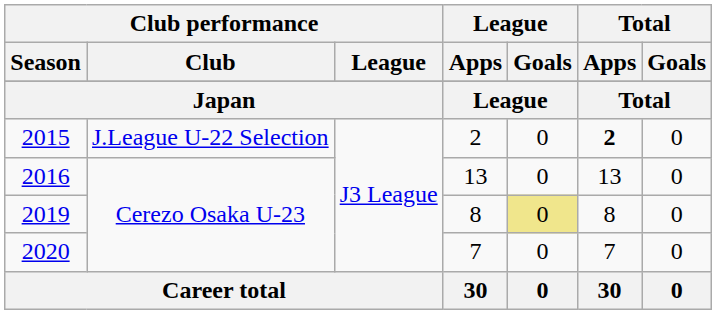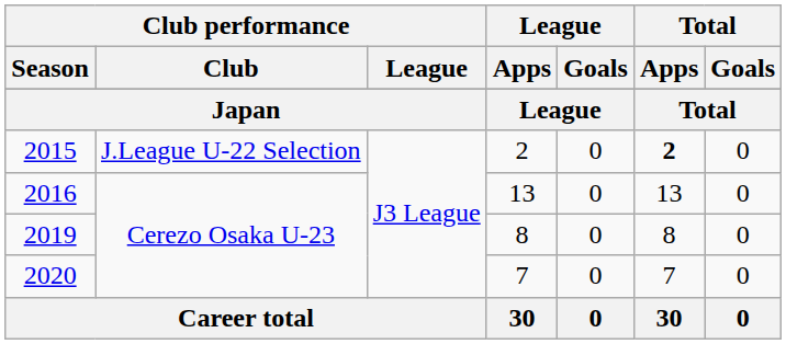 <table class="wikitable" style="text-align:center">
 <tr>
 <th colspan=3>Club performance</th>
 <th colspan=2>League</th>
 <th colspan=2>Total</th>
 </tr>
 <tr>
 <th>Season</th>
 <th>Club</th>
 <th>League</th>
 <th>Apps</th>
 <th>Goals</th>
 <th>Apps</th>
 <th>Goals</th>
 </tr>
 <tr>
 </tr>
 <tr>
 <th colspan=3>Japan</th>
 <th colspan=2>League</th>
 <th colspan=2>Total</th>
 </tr>
 <tr>
 <td><a href='#'>2015</a></td>
 <td><a href='#'>J.League U-22 Selection</a></td>
 <td rowspan="4"><a href='#'>J3 League</a></td>
 <td>2</td>
 <td>0</td>
 <td><strong>2</strong></td>
 <td>0</td>
 </tr>
 <tr>
 <td><a href='#'>2016</a></td>
 <td rowspan="3"><a href='#'>Cerezo Osaka U-23</a></td>
 <td>13</td>
 <td>0</td>
 <td>13</td>
 <td>0</td>
 </tr>
 <tr>
 <td><a href='#'>2019</a></td>
 <td>8</td>
-<td style="background: khaki;">0</td>
+<td>0</td>
 <td>8</td>
 <td>0</td>
 </tr>
 <tr>
 <td><a href='#'>2020</a></td>
 <td>7</td>
 <td>0</td>
 <td>7</td>
 <td>0</td>
 </tr>
 <tr>
 <th colspan=3>Career total</th>
 <th>30</th>
 <th>0</th>
 <th>30</th>
 <th>0</th>
 </tr>
 </table>
